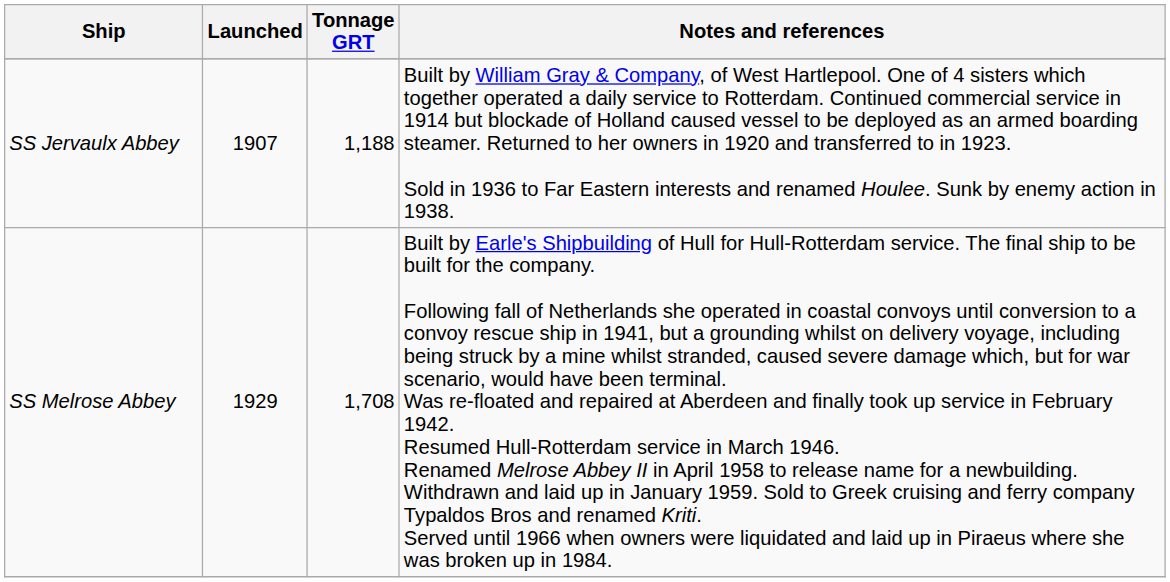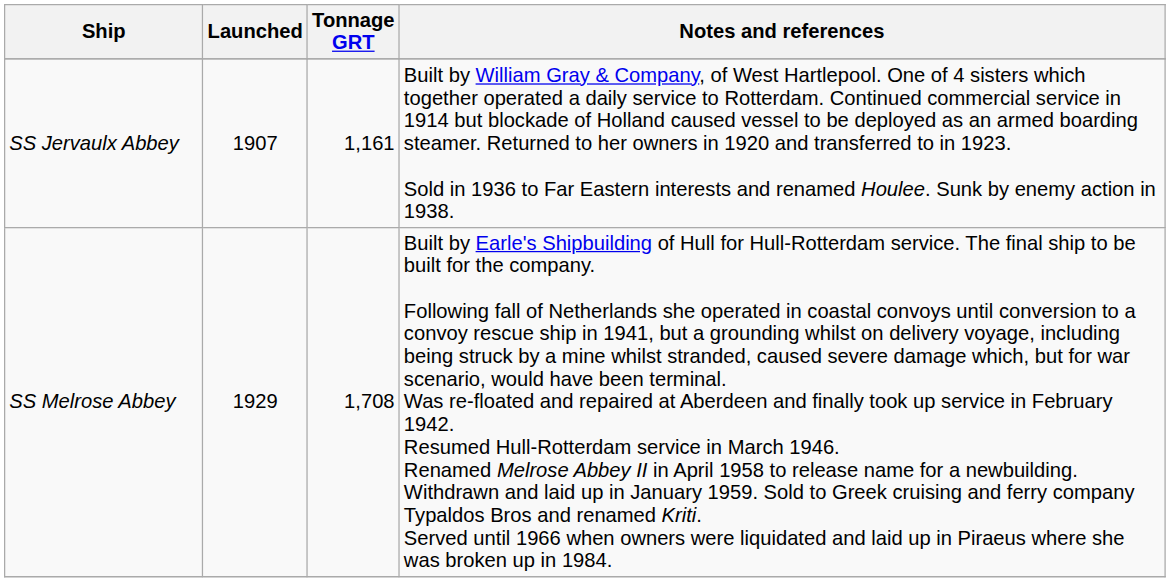 <table class="wikitable sortable">
 <tr>
 <th scope="col" width="150px">Ship</th>
 <th scope="col" width="25px">Launched</th>
 <th scope="col" width="25px">Tonnage <a href='#'>GRT</a></th>
 <th scope="col" width="600px">Notes and references</th>
 </tr>
 <tr>
 </tr>
 <tr>
 <td><em>SS Jervaulx Abbey</em></td>
 <td align="center">1907</td>
-<td align="right">1,188</td>
+<td align="right">1,161</td>
 <td>Built by <a href='#'>William Gray & Company</a>, of West Hartlepool. One of 4 sisters which together operated a daily service to Rotterdam. Continued commercial service in 1914 but blockade of Holland caused vessel to be deployed as an armed boarding steamer. Returned to her owners in 1920 and transferred to  in 1923.<br><br>Sold in 1936 to Far Eastern interests and renamed <em>Houlee</em>. Sunk by enemy action in 1938.</td>
 </tr>
 <tr>
 <td><em>SS Melrose Abbey</em></td>
 <td align="center">1929</td>
 <td align="right">1,708</td>
 <td>Built by <a href='#'>Earle's Shipbuilding</a> of Hull for Hull-Rotterdam service. The final ship to be built for the company.<br><br>Following fall of Netherlands she operated in coastal convoys until conversion to a convoy rescue ship in 1941, but a grounding whilst on delivery voyage, including being struck by a mine whilst stranded, caused severe damage which, but for war scenario, would have been terminal.<br> Was re-floated and repaired at Aberdeen and finally took up service in February 1942.<br> Resumed Hull-Rotterdam service in March 1946.<br> Renamed <em>Melrose Abbey II</em> in April 1958 to release name for a newbuilding.<br> Withdrawn and laid up in January 1959. Sold to Greek cruising and ferry company Typaldos Bros and renamed <em>Kriti</em>.<br> Served until 1966 when owners were liquidated and laid up in Piraeus where she was broken up in 1984.</td>
 </tr>
 <tr>
 </tr>
 </table>
